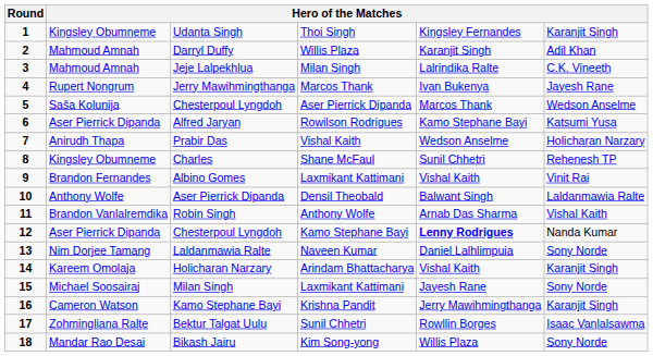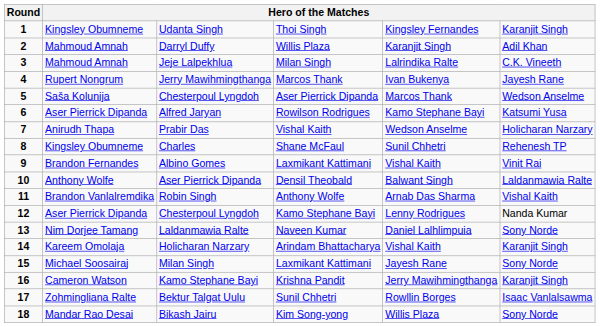 <table class="wikitable">
 <tr>
 <th rowspan="1">Round</th>
 <th colspan="5">Hero of the Matches</th>
 </tr>
 <tr>
 <td align="center"><strong>1</strong></td>
 <td> <a href='#'>Kingsley Obumneme</a></td>
 <td> <a href='#'>Udanta Singh</a></td>
 <td> <a href='#'>Thoi Singh</a></td>
 <td> <a href='#'>Kingsley Fernandes</a></td>
 <td> <a href='#'>Karanjit Singh</a></td>
 </tr>
 <tr>
 <td align="center"><strong>2</strong></td>
 <td> <a href='#'>Mahmoud Amnah</a></td>
 <td> <a href='#'>Darryl Duffy</a></td>
 <td> <a href='#'>Willis Plaza</a></td>
 <td> <a href='#'>Karanjit Singh</a></td>
 <td> <a href='#'>Adil Khan</a></td>
 </tr>
 <tr>
 <td align="center"><strong>3</strong></td>
 <td> <a href='#'>Mahmoud Amnah</a></td>
 <td> <a href='#'>Jeje Lalpekhlua</a></td>
 <td> <a href='#'>Milan Singh</a></td>
 <td> <a href='#'>Lalrindika Ralte</a></td>
 <td> <a href='#'>C.K. Vineeth</a></td>
 </tr>
 <tr>
 <td align="center"><strong>4</strong></td>
 <td> <a href='#'>Rupert Nongrum</a></td>
 <td> <a href='#'>Jerry Mawihmingthanga</a></td>
 <td> <a href='#'>Marcos Thank</a></td>
 <td> <a href='#'>Ivan Bukenya</a></td>
 <td> <a href='#'>Jayesh Rane</a></td>
 </tr>
 <tr>
 <td align="center"><strong>5</strong></td>
 <td> <a href='#'>Saša Kolunija</a></td>
 <td> <a href='#'>Chesterpoul Lyngdoh</a></td>
 <td> <a href='#'>Aser Pierrick Dipanda</a></td>
 <td> <a href='#'>Marcos Thank</a></td>
 <td> <a href='#'>Wedson Anselme</a></td>
 </tr>
 <tr>
 <td align="center"><strong>6</strong></td>
 <td> <a href='#'>Aser Pierrick Dipanda</a></td>
 <td> <a href='#'>Alfred Jaryan</a></td>
 <td> <a href='#'>Rowilson Rodrigues</a></td>
 <td> <a href='#'>Kamo Stephane Bayi</a></td>
 <td> <a href='#'>Katsumi Yusa</a></td>
 </tr>
 <tr>
 <td align="center"><strong>7</strong></td>
 <td> <a href='#'>Anirudh Thapa</a></td>
 <td> <a href='#'>Prabir Das</a></td>
 <td> <a href='#'>Vishal Kaith</a></td>
 <td> <a href='#'>Wedson Anselme</a></td>
 <td> <a href='#'>Holicharan Narzary</a></td>
 </tr>
 <tr>
 <td align="center"><strong>8</strong></td>
 <td> <a href='#'>Kingsley Obumneme</a></td>
 <td> <a href='#'>Charles</a></td>
 <td> <a href='#'>Shane McFaul</a></td>
 <td> <a href='#'>Sunil Chhetri</a></td>
 <td> <a href='#'>Rehenesh TP</a></td>
 </tr>
 <tr>
 <td align="center"><strong>9</strong></td>
 <td> <a href='#'>Brandon Fernandes</a></td>
 <td> <a href='#'>Albino Gomes</a></td>
 <td> <a href='#'>Laxmikant Kattimani</a></td>
 <td> <a href='#'>Vishal Kaith</a></td>
 <td> <a href='#'>Vinit Rai</a></td>
 </tr>
 <tr>
 <td align="center"><strong>10</strong></td>
 <td> <a href='#'>Anthony Wolfe</a></td>
 <td> <a href='#'>Aser Pierrick Dipanda</a></td>
 <td> <a href='#'>Densil Theobald</a></td>
 <td> <a href='#'>Balwant Singh</a></td>
 <td> <a href='#'>Laldanmawia Ralte</a></td>
 </tr>
 <tr>
 <td align="center"><strong>11</strong></td>
 <td> <a href='#'>Brandon Vanlalremdika</a></td>
 <td> <a href='#'>Robin Singh</a></td>
 <td> <a href='#'>Anthony Wolfe</a></td>
 <td> <a href='#'>Arnab Das Sharma</a></td>
 <td> <a href='#'>Vishal Kaith</a></td>
 </tr>
 <tr>
 <td align="center"><strong>12</strong></td>
 <td> <a href='#'>Aser Pierrick Dipanda</a></td>
 <td> <a href='#'>Chesterpoul Lyngdoh</a></td>
 <td> <a href='#'>Kamo Stephane Bayi</a></td>
-<td><strong> <a href='#'>Lenny Rodrigues</a></strong></td>
+<td> <a href='#'>Lenny Rodrigues</a></td>
 <td> Nanda Kumar</td>
 </tr>
 <tr>
 <td align="center"><strong>13</strong></td>
 <td> <a href='#'>Nim Dorjee Tamang</a></td>
 <td> <a href='#'>Laldanmawia Ralte</a></td>
 <td> <a href='#'>Naveen Kumar</a></td>
 <td> <a href='#'>Daniel Lalhlimpuia</a></td>
 <td> <a href='#'>Sony Norde</a></td>
 </tr>
 <tr>
 <td align="center"><strong>14</strong></td>
 <td> <a href='#'>Kareem Omolaja</a></td>
 <td> <a href='#'>Holicharan Narzary</a></td>
 <td> <a href='#'>Arindam Bhattacharya</a></td>
 <td> <a href='#'>Vishal Kaith</a></td>
 <td> <a href='#'>Karanjit Singh</a></td>
 </tr>
 <tr>
 <td align="center"><strong>15</strong></td>
 <td> <a href='#'>Michael Soosairaj</a></td>
 <td> <a href='#'>Milan Singh</a></td>
 <td> <a href='#'>Laxmikant Kattimani</a></td>
 <td> <a href='#'>Jayesh Rane</a></td>
 <td> <a href='#'>Sony Norde</a></td>
 </tr>
 <tr>
 <td align="center"><strong>16</strong></td>
 <td> <a href='#'>Cameron Watson</a></td>
 <td> <a href='#'>Kamo Stephane Bayi</a></td>
 <td> <a href='#'>Krishna Pandit</a></td>
 <td> <a href='#'>Jerry Mawihmingthanga</a></td>
 <td> <a href='#'>Karanjit Singh</a></td>
 </tr>
 <tr>
 <td align="center"><strong>17</strong></td>
 <td> <a href='#'>Zohmingliana Ralte</a></td>
 <td> <a href='#'>Bektur Talgat Uulu</a></td>
 <td> <a href='#'>Sunil Chhetri</a></td>
 <td> <a href='#'>Rowllin Borges</a></td>
 <td> <a href='#'>Isaac Vanlalsawma</a></td>
 </tr>
 <tr>
 <td align="center"><strong>18</strong></td>
 <td> <a href='#'>Mandar Rao Desai</a></td>
 <td> <a href='#'>Bikash Jairu</a></td>
 <td> <a href='#'>Kim Song-yong</a></td>
 <td> <a href='#'>Willis Plaza</a></td>
 <td> <a href='#'>Sony Norde</a></td>
 </tr>
 </table>
